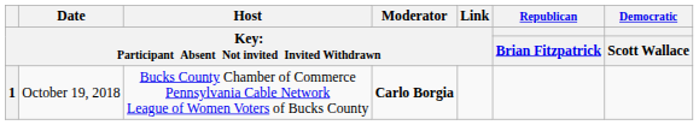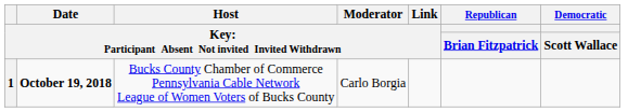 <table class="wikitable" style="text-align:center;">
 <tr>
 <th scope="col"></th>
 <th scope="col">Date</th>
 <th scope="col">Host</th>
 <th scope="col">Moderator</th>
 <th scope="col">Link</th>
 <th scope="col"><small><a href='#'>Republican</a></small></th>
 <th scope="col"><small><a href='#'>Democratic</a></small></th>
 </tr>
 <tr>
 <th colspan="5" rowspan="2">Key:<br> <small>Participant </small>  <small>Absent </small>  <small>Not invited </small>  <small>Invited  Withdrawn</small></th>
 <th scope="col" style="background:"></th>
 <th scope="col" style="background:"></th>
 </tr>
 <tr>
 <th scope="col"><a href='#'>Brian Fitzpatrick</a></th>
 <th scope="col">Scott Wallace</th>
 </tr>
 <tr>
 <th>1</th>
-<td style="white-space:nowrap;">October 19, 2018</td>
+<td style="white-space:nowrap;"><strong>October 19, 2018</strong></td>
 <td style="white-space:nowrap;"><a href='#'>Bucks County</a> Chamber of Commerce<br><a href='#'>Pennsylvania Cable Network</a><br><a href='#'>League of Women Voters</a> of Bucks County</td>
-<td style="white-space:nowrap;"><strong>Carlo Borgia</strong></td>
+<td style="white-space:nowrap;">Carlo Borgia</td>
 <td style="white-space:nowrap;"></td>
 <td></td>
 <td></td>
 </tr>
 </table>
